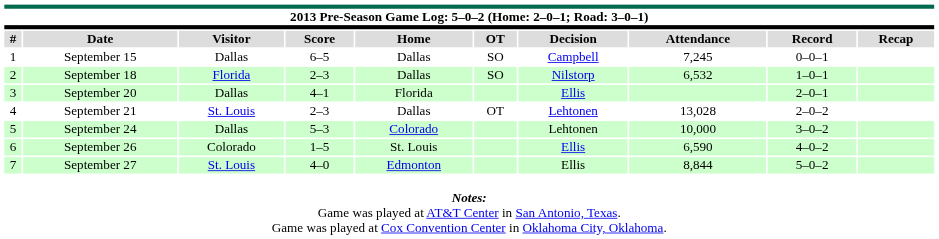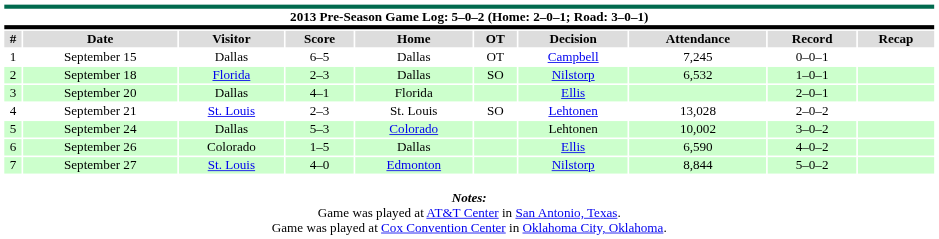 <table class="toccolours collapsible collapsed"  style="width:90%; clear:both; margin:1.5em auto; text-align:center;">
 <tr>
 <th colspan=10 style="background:#fff; border-top:#006A4E 5px solid; border-bottom:#000 5px solid;">2013 Pre-Season Game Log: 5–0–2 (Home: 2–0–1; Road: 3–0–1)</th>
 </tr>
 <tr style="text-align:center; background:#ddd;">
 <th>#</th>
 <th>Date</th>
 <th>Visitor</th>
 <th>Score</th>
 <th>Home</th>
 <th>OT</th>
 <th>Decision</th>
 <th>Attendance</th>
 <th>Record</th>
 <th>Recap</th>
 </tr>
 <tr style="text-align:center; background:#fff;">
 <td>1</td>
 <td>September 15</td>
 <td>Dallas</td>
 <td>6–5</td>
 <td>Dallas</td>
-<td>SO</td>
+<td>OT</td>
 <td><a href='#'>Campbell</a></td>
 <td>7,245</td>
 <td>0–0–1</td>
 <td></td>
 </tr>
 <tr style="text-align:center; background:#cfc;">
 <td>2</td>
 <td>September 18</td>
 <td><a href='#'>Florida</a></td>
 <td>2–3</td>
 <td>Dallas</td>
 <td>SO</td>
 <td><a href='#'>Nilstorp</a></td>
 <td>6,532</td>
 <td>1–0–1</td>
 <td></td>
 </tr>
 <tr style="text-align:center; background:#cfc;">
 <td>3</td>
 <td>September 20</td>
 <td>Dallas</td>
 <td>4–1</td>
 <td>Florida</td>
 <td></td>
 <td><a href='#'>Ellis</a></td>
 <td></td>
 <td>2–0–1</td>
 <td></td>
 </tr>
 <tr style="text-align:center; background:#fff;">
 <td>4</td>
 <td>September 21</td>
 <td><a href='#'>St. Louis</a></td>
 <td>2–3</td>
-<td>Dallas</td>
-<td>OT</td>
+<td>St. Louis</td>
+<td>SO</td>
 <td><a href='#'>Lehtonen</a></td>
 <td>13,028</td>
 <td>2–0–2</td>
 <td></td>
 </tr>
 <tr style="text-align:center; background:#cfc;">
 <td>5</td>
 <td>September 24</td>
 <td>Dallas</td>
 <td>5–3</td>
 <td><a href='#'>Colorado</a></td>
 <td></td>
 <td>Lehtonen</td>
-<td>10,000</td>
+<td>10,002</td>
 <td>3–0–2</td>
 <td></td>
 </tr>
 <tr style="text-align:center; background:#cfc;">
 <td>6</td>
 <td>September 26</td>
 <td>Colorado</td>
 <td>1–5</td>
-<td>St. Louis</td>
+<td>Dallas</td>
 <td></td>
 <td><a href='#'>Ellis</a></td>
 <td>6,590</td>
 <td>4–0–2</td>
 <td></td>
 </tr>
 <tr style="text-align:center; background:#cfc;">
 <td>7</td>
 <td>September 27</td>
 <td><a href='#'>St. Louis</a></td>
 <td>4–0</td>
 <td><a href='#'>Edmonton</a></td>
 <td></td>
-<td>Ellis</td>
+<td><a href='#'>Nilstorp</a></td>
 <td>8,844</td>
 <td>5–0–2</td>
 <td></td>
 </tr>
 <tr>
 <td colspan="10" style="text-align:center;"><br><strong><em>Notes:</em></strong><br> Game was played at <a href='#'>AT&T Center</a> in <a href='#'>San Antonio, Texas</a>.<br> Game was played at <a href='#'>Cox Convention Center</a> in <a href='#'>Oklahoma City, Oklahoma</a>.</td>
 </tr>
 </table>
